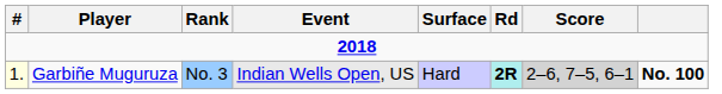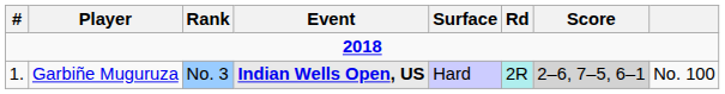 <table class="wikitable sortable">
 <tr>
 <th>#</th>
 <th>Player</th>
 <th>Rank</th>
 <th>Event</th>
 <th>Surface</th>
 <th>Rd</th>
 <th>Score</th>
 <th></th>
 </tr>
 <tr>
 <td colspan=8 style=text-align:center><strong><a href='#'>2018</a></strong></td>
 </tr>
 <tr>
-<td style="background: lightyellow;">1.</td>
+<td>1.</td>
 <td> <a href='#'>Garbiñe Muguruza</a></td>
 <td bgcolor=99ccff>No. 3</td>
-<td bgcolor=e9e9e9><a href='#'>Indian Wells Open</a>, US</td>
+<td bgcolor=e9e9e9><strong><a href='#'>Indian Wells Open</a>, US</strong></td>
 <td bgcolor=CCCCFF>Hard</td>
-<td bgcolor=AFEEEE><strong>2R</strong></td>
+<td bgcolor=AFEEEE>2R</td>
 <td style="background: lightgrey;">2–6, 7–5, 6–1</td>
-<td><strong>No. 100</strong></td>
+<td>No. 100</td>
 </tr>
 </table>
